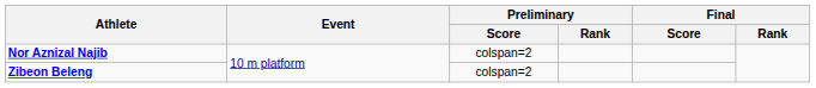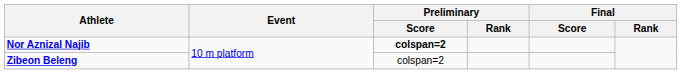 <table class="wikitable" width="75%" style="text-align:center; font-size:90%;">
 <tr>
 <th rowspan="2" width="15%">Athlete</th>
 <th rowspan="2" width="15%">Event</th>
 <th colspan="2" width="12%">Preliminary</th>
 <th colspan="2" width="12%">Final</th>
 </tr>
 <tr>
 <th width="7%">Score</th>
 <th>Rank</th>
 <th width="7%">Score</th>
 <th>Rank</th>
 </tr>
 <tr>
 <td align=left><strong><a href='#'>Nor Aznizal Najib</a></strong></td>
 <td align=left rowspan=2><a href='#'>10 m platform</a></td>
-<td>colspan=2 </td>
+<td><strong>colspan=2 </strong></td>
 <td></td>
 <td></td>
 </tr>
 <tr>
 <td align=left><strong><a href='#'>Zibeon Beleng</a></strong></td>
 <td>colspan=2 </td>
 <td></td>
 <td></td>
 </tr>
 </table>
